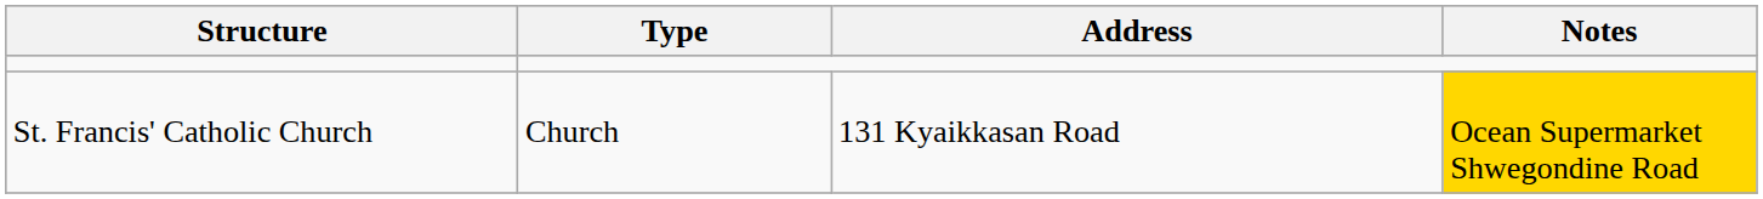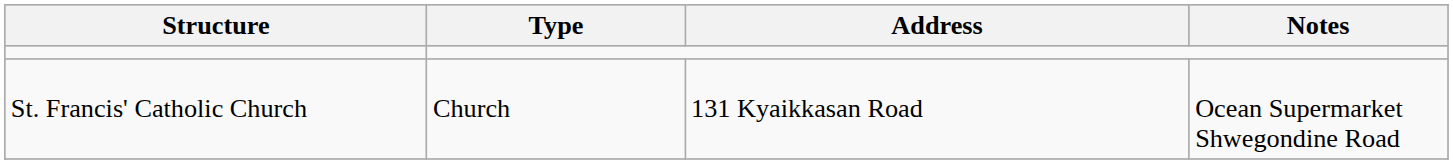 <table class="wikitable" border="1">
 <tr>
 <th width="250">Structure</th>
 <th width="150">Type</th>
 <th width="300">Address</th>
 <th width="150">Notes</th>
 </tr>
 <tr>
 <td></td>
 </tr>
 <tr>
 <td>St. Francis' Catholic Church</td>
 <td>Church</td>
 <td>131 Kyaikkasan Road</td>
-<td style="background: gold;"><br>Ocean Supermarket Shwegondine Road</td>
+<td><br>Ocean Supermarket Shwegondine Road</td>
 </tr>
 </table>
